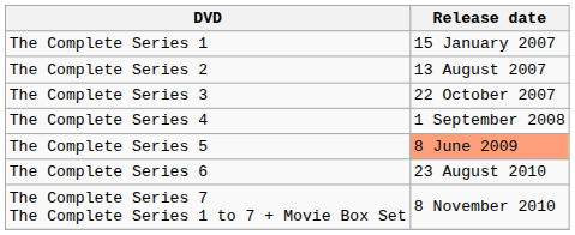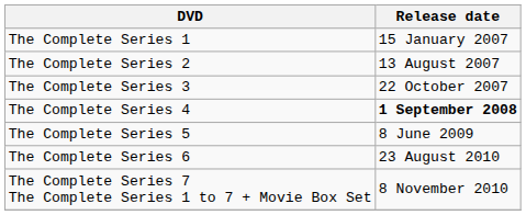 <table class="wikitable">
 <tr>
 <th>DVD</th>
 <th>Release date</th>
 </tr>
 <tr>
 <td>The Complete Series 1</td>
 <td>15 January 2007</td>
 </tr>
 <tr>
 <td>The Complete Series 2</td>
 <td>13 August 2007</td>
 </tr>
 <tr>
 <td>The Complete Series 3</td>
 <td>22 October 2007</td>
 </tr>
 <tr>
 <td>The Complete Series 4</td>
-<td>1 September 2008</td>
+<td><strong>1 September 2008</strong></td>
 </tr>
 <tr>
 <td>The Complete Series 5</td>
-<td style="background: lightsalmon;">8 June 2009</td>
+<td>8 June 2009</td>
 </tr>
 <tr>
 <td>The Complete Series 6</td>
 <td>23 August 2010</td>
 </tr>
 <tr>
 <td>The Complete Series 7<br>The Complete Series 1 to 7 + Movie Box Set</td>
 <td>8 November 2010</td>
 </tr>
 <tr>
 </tr>
 </table>
